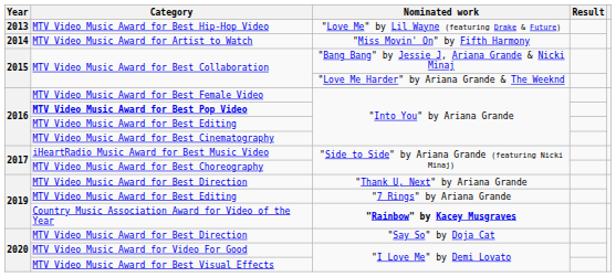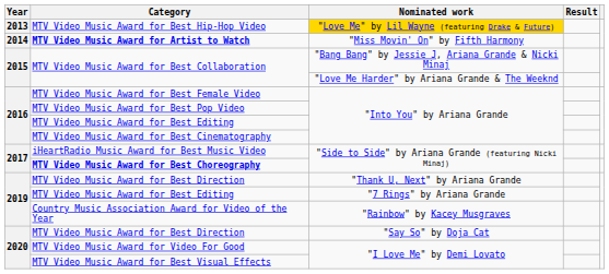 <table class="wikitable plainrowheaders" style="width:70%;">
 <tr>
 <th scope="col" style="width:4%;">Year</th>
 <th scope="col" style="width:50%;">Category</th>
 <th scope="col" style="width:75%;">Nominated work</th>
 <th scope="col" style="width:6%;">Result</th>
 <th scope="col" style="width:6%;"></th>
 </tr>
 <tr>
 <th scope="row">2013</th>
 <td><a href='#'>MTV Video Music Award for Best Hip-Hop Video</a></td>
-<td style="text-align:center;">"<a href='#'>Love Me</a>" by <a href='#'>Lil Wayne</a> <small>(featuring <a href='#'>Drake</a> & <a href='#'>Future</a>)</small></td>
+<td style="background: gold; text-align:center;">"<a href='#'>Love Me</a>" by <a href='#'>Lil Wayne</a> <small>(featuring <a href='#'>Drake</a> & <a href='#'>Future</a>)</small></td>
 <td></td>
 <td rowspan="2" style="text-align:center;"></td>
 </tr>
 <tr>
 <th scope="row">2014</th>
-<td><a href='#'>MTV Video Music Award for Artist to Watch</a></td>
+<td><strong><a href='#'>MTV Video Music Award for Artist to Watch</a></strong></td>
 <td style="text-align:center;">"<a href='#'>Miss Movin' On</a>" by <a href='#'>Fifth Harmony</a></td>
 <td></td>
 </tr>
 <tr>
 <th rowspan="2" scope="row">2015</th>
 <td rowspan="2"><a href='#'>MTV Video Music Award for Best Collaboration</a></td>
 <td style="text-align:center;">"<a href='#'>Bang Bang</a>" by <a href='#'>Jessie J</a>, <a href='#'>Ariana Grande</a> & <a href='#'>Nicki Minaj</a></td>
 <td></td>
 <td rowspan="2" style="text-align:center;"></td>
 </tr>
 <tr>
 <td style="text-align:center;">"<a href='#'>Love Me Harder</a>" by Ariana Grande & <a href='#'>The Weeknd</a></td>
 <td></td>
 </tr>
 <tr>
 <th rowspan="4" scope="row">2016</th>
 <td><a href='#'>MTV Video Music Award for Best Female Video</a></td>
 <td style="text-align:center;" rowspan="4">"<a href='#'>Into You</a>" by Ariana Grande</td>
 <td></td>
 <td rowspan="4" style="text-align:center;"></td>
 </tr>
 <tr>
-<td><strong><a href='#'>MTV Video Music Award for Best Pop Video</a></strong></td>
+<td><a href='#'>MTV Video Music Award for Best Pop Video</a></td>
 <td></td>
 </tr>
 <tr>
 <td><a href='#'>MTV Video Music Award for Best Editing</a></td>
 <td></td>
 </tr>
 <tr>
 <td><a href='#'>MTV Video Music Award for Best Cinematography</a></td>
 <td></td>
 </tr>
 <tr>
 <th rowspan="2" scope="row">2017</th>
 <td><a href='#'>iHeartRadio Music Award for Best Music Video</a></td>
 <td style="text-align:center;" rowspan="2">"<a href='#'>Side to Side</a>" by Ariana Grande <small>(featuring Nicki Minaj)</small></td>
 <td></td>
 <td align="center"></td>
 </tr>
 <tr>
-<td><a href='#'>MTV Video Music Award for Best Choreography</a></td>
+<td><strong><a href='#'>MTV Video Music Award for Best Choreography</a></strong></td>
 <td></td>
 <td align="center"></td>
 </tr>
 <tr>
 <th rowspan="3" scope="row">2019</th>
 <td><a href='#'>MTV Video Music Award for Best Direction</a></td>
 <td style="text-align:center;">"<a href='#'>Thank U, Next</a>" by Ariana Grande</td>
 <td></td>
 <td rowspan="2" style="text-align:center;"></td>
 </tr>
 <tr>
 <td><a href='#'>MTV Video Music Award for Best Editing</a></td>
 <td style="text-align:center;">"<a href='#'>7 Rings</a>" by Ariana Grande</td>
 <td></td>
 </tr>
 <tr>
 <td><a href='#'>Country Music Association Award for Video of the Year</a></td>
-<td align="center"><strong>"<a href='#'>Rainbow</a>" by <a href='#'>Kacey Musgraves</a></strong></td>
+<td align="center">"<a href='#'>Rainbow</a>" by <a href='#'>Kacey Musgraves</a></td>
 <td></td>
 <td></td>
 </tr>
 <tr>
 <th rowspan="3" scope="row">2020</th>
 <td><a href='#'>MTV Video Music Award for Best Direction</a></td>
 <td style="text-align:center;">"<a href='#'>Say So</a>" by <a href='#'>Doja Cat</a></td>
 <td></td>
 <td align="center" rowspan="3"></td>
 </tr>
 <tr>
 <td><a href='#'>MTV Video Music Award for Video For Good</a></td>
 <td rowspan="2" style="text-align:center;">"<a href='#'>I Love Me</a>" by <a href='#'>Demi Lovato</a></td>
 <td></td>
 </tr>
 <tr>
 <td><a href='#'>MTV Video Music Award for Best Visual Effects</a></td>
 <td></td>
 </tr>
 </table>
